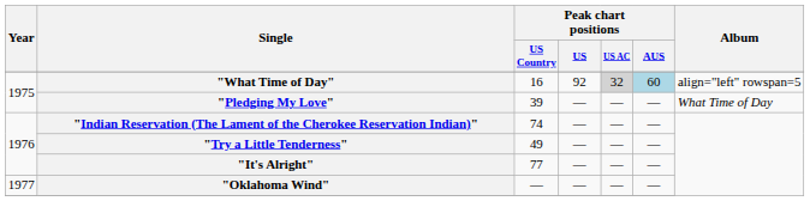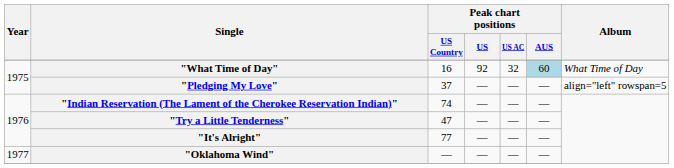 <table class="wikitable plainrowheaders" style="text-align:center;">
 <tr>
 <th rowspan="2">Year</th>
 <th rowspan="2" style="width:36em;">Single</th>
 <th colspan="4">Peak chart<br>positions</th>
 <th rowspan="2">Album</th>
 </tr>
 <tr style="font-size:smaller;">
 <th width="45"><a href='#'>US Country</a><br></th>
 <th width="45"><a href='#'>US</a><br></th>
 <th style="width:3em;font-size:85%;"><a href='#'>US AC</a><br></th>
 <th width="45"><a href='#'>AUS</a><br></th>
 </tr>
 <tr>
 </tr>
 <tr>
 <td rowspan=2>1975</td>
 <th scope="row">"What Time of Day" </th>
 <td>16</td>
 <td>92</td>
-<td style="background: lightgrey;">32</td>
+<td>32</td>
 <td style="background: lightblue;">60</td>
-<td>align="left" rowspan=5 </td>
+<td align="left"><em>What Time of Day</em></td>
 </tr>
 <tr>
 <th scope="row">"<a href='#'>Pledging My Love</a>"</th>
-<td>39</td>
+<td>37</td>
 <td>—</td>
 <td>—</td>
 <td>—</td>
-<td align="left"><em>What Time of Day</em></td>
+<td>align="left" rowspan=5 </td>
 </tr>
 <tr>
 <td rowspan=3>1976</td>
 <th scope="row">"<a href='#'>Indian Reservation (The Lament of the Cherokee Reservation Indian)</a>"</th>
 <td>74</td>
 <td>—</td>
 <td>—</td>
 <td>—</td>
 </tr>
 <tr>
 <th scope="row">"<a href='#'>Try a Little Tenderness</a>"</th>
-<td>49</td>
+<td>47</td>
 <td>—</td>
 <td>—</td>
 <td>—</td>
 </tr>
 <tr>
 <th scope="row">"It's Alright"</th>
 <td>77</td>
 <td>—</td>
 <td>—</td>
 <td>—</td>
 </tr>
 <tr>
 <td>1977</td>
 <th scope="row">"Oklahoma Wind"</th>
 <td>—</td>
 <td>—</td>
 <td>—</td>
 <td>—</td>
 </tr>
 <tr>
 </tr>
 </table>
